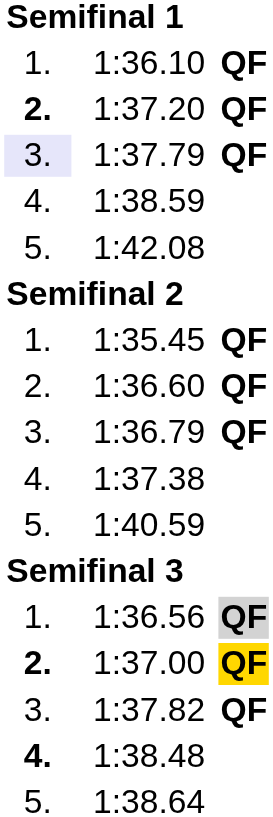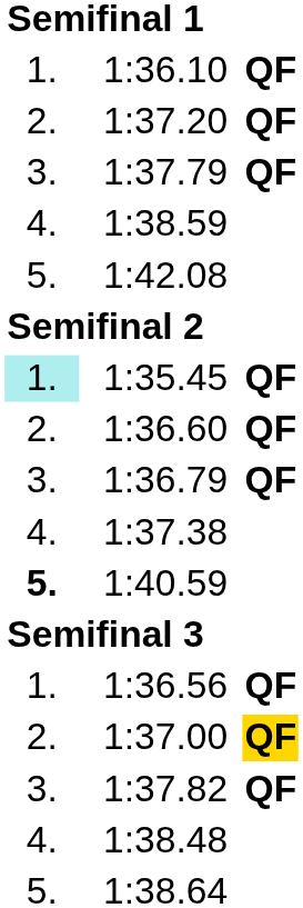 <table style="text-align:center">
 <tr>
 <td colspan=4 align=left><strong>Semifinal 1</strong></td>
 </tr>
 <tr>
 <td width=30>1.</td>
 <td align=left></td>
 <td width=60>1:36.10</td>
 <td><strong>QF</strong></td>
 </tr>
 <tr>
-<td><strong>2.</strong></td>
+<td>2.</td>
 <td align=left></td>
 <td>1:37.20</td>
 <td><strong>QF</strong></td>
 </tr>
 <tr>
-<td style="background: lavender;">3.</td>
+<td>3.</td>
 <td align=left></td>
 <td>1:37.79</td>
 <td><strong>QF</strong></td>
 </tr>
 <tr>
 <td>4.</td>
 <td align=left></td>
 <td>1:38.59</td>
 <td></td>
 </tr>
 <tr>
 <td>5.</td>
 <td align=left></td>
 <td>1:42.08</td>
 <td></td>
 </tr>
 <tr>
 <td colspan=4 align=left><strong>Semifinal 2</strong></td>
 </tr>
 <tr>
-<td width=30>1.</td>
+<td width=30 style="background: paleturquoise;">1.</td>
 <td align=left></td>
 <td width=60>1:35.45</td>
 <td><strong>QF</strong></td>
 </tr>
 <tr>
 <td>2.</td>
 <td align=left></td>
 <td>1:36.60</td>
 <td><strong>QF</strong></td>
 </tr>
 <tr>
 <td>3.</td>
 <td align=left></td>
 <td>1:36.79</td>
 <td><strong>QF</strong></td>
 </tr>
 <tr>
 <td>4.</td>
 <td align=left></td>
 <td>1:37.38</td>
 <td></td>
 </tr>
 <tr>
-<td>5.</td>
+<td><strong>5.</strong></td>
 <td align=left></td>
 <td>1:40.59</td>
 <td></td>
 </tr>
 <tr>
 <td colspan=4 align=left><strong>Semifinal 3</strong></td>
 </tr>
 <tr>
 <td width=30>1.</td>
 <td align=left></td>
 <td width=60>1:36.56</td>
-<td style="background: lightgrey;"><strong>QF</strong></td>
+<td><strong>QF</strong></td>
 </tr>
 <tr>
-<td><strong>2.</strong></td>
+<td>2.</td>
 <td align=left></td>
 <td>1:37.00</td>
 <td style="background: gold;"><strong>QF</strong></td>
 </tr>
 <tr>
 <td>3.</td>
 <td align=left></td>
 <td>1:37.82</td>
 <td><strong>QF</strong></td>
 </tr>
 <tr>
-<td><strong>4.</strong></td>
+<td>4.</td>
 <td align=left></td>
 <td>1:38.48</td>
 <td></td>
 </tr>
 <tr>
 <td>5.</td>
 <td align=left></td>
 <td>1:38.64</td>
 <td></td>
 </tr>
 </table>
